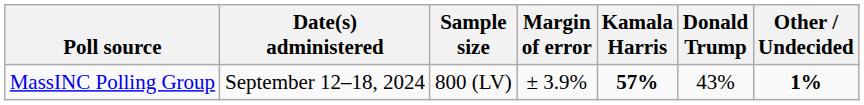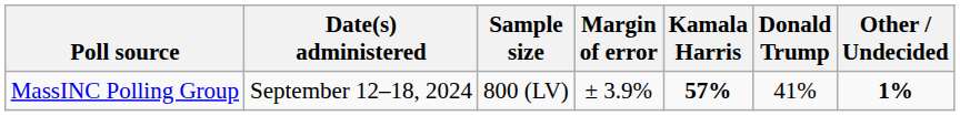 <table class="wikitable sortable mw-datatable" style="font-size:90%;text-align:center;line-height:17px">
 <tr valign=bottom>
 <th>Poll source</th>
 <th>Date(s)<br>administered</th>
 <th>Sample<br>size</th>
 <th>Margin<br>of error</th>
 <th class="unsortable">Kamala<br>Harris<br></th>
 <th class="unsortable">Donald<br>Trump<br></th>
 <th class="unsortable">Other /<br>Undecided</th>
 </tr>
 <tr>
 <td style="text-align:left;"><a href='#'>MassINC Polling Group</a></td>
 <td data-sort-value="2024-09-18">September 12–18, 2024</td>
 <td>800 (LV)</td>
 <td>± 3.9%</td>
 <td style="color:black;background-color:"><strong>57%</strong></td>
-<td>43%</td>
+<td>41%</td>
 <td><strong>1%</strong></td>
 </tr>
 </table>
